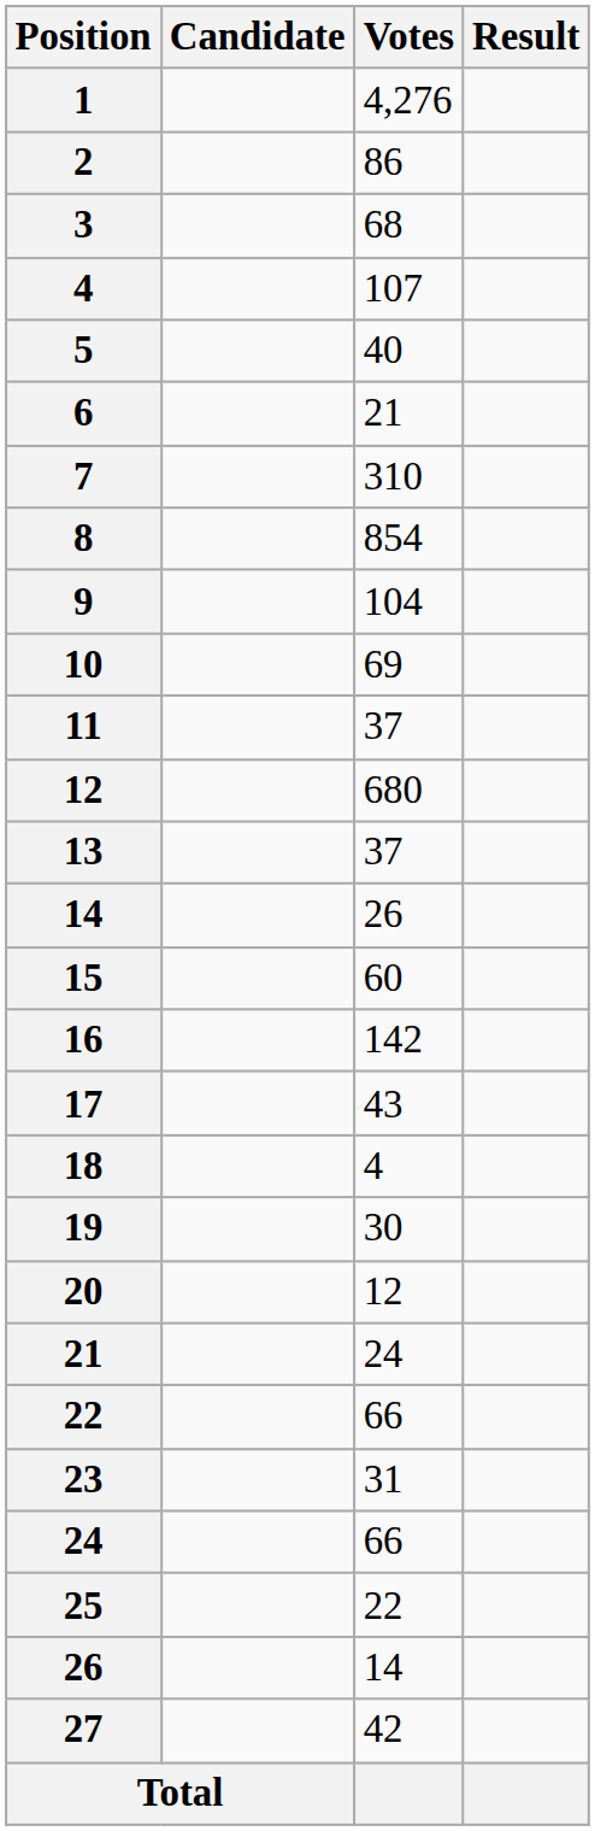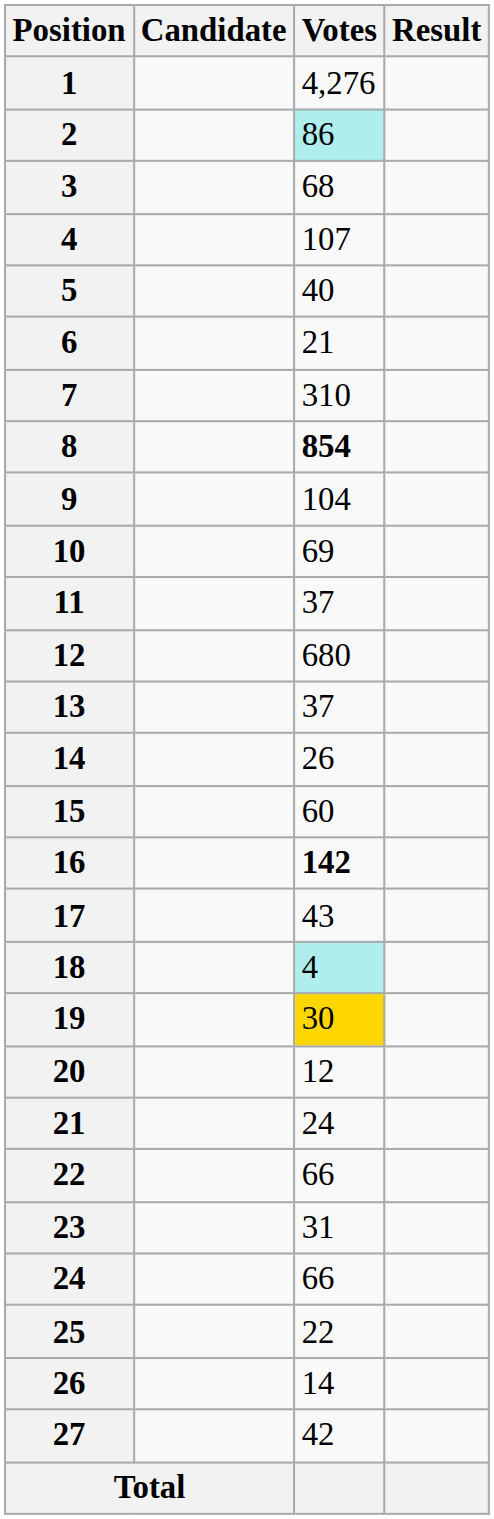 <table class="wikitable sortable col3right">
 <tr>
 <th scope="col">Position</th>
 <th scope="col">Candidate</th>
 <th scope="col">Votes</th>
 <th scope="col">Result</th>
 </tr>
 <tr>
 <th scope="row">1</th>
 <td></td>
 <td>4,276</td>
 <td></td>
 </tr>
 <tr>
 <th scope="row">2</th>
 <td></td>
-<td>86</td>
+<td style="background: paleturquoise;">86</td>
 <td></td>
 </tr>
 <tr>
 <th scope="row">3</th>
 <td></td>
 <td>68</td>
 <td></td>
 </tr>
 <tr>
 <th scope="row">4</th>
 <td></td>
 <td>107</td>
 <td></td>
 </tr>
 <tr>
 <th scope="row">5</th>
 <td></td>
 <td>40</td>
 <td></td>
 </tr>
 <tr>
 <th scope="row">6</th>
 <td></td>
 <td>21</td>
 <td></td>
 </tr>
 <tr>
 <th scope="row">7</th>
 <td></td>
 <td>310</td>
 <td></td>
 </tr>
 <tr>
 <th scope="row">8</th>
 <td></td>
-<td>854</td>
+<td><strong>854</strong></td>
 <td></td>
 </tr>
 <tr>
 <th scope="row">9</th>
 <td></td>
 <td>104</td>
 <td></td>
 </tr>
 <tr>
 <th scope="row">10</th>
 <td></td>
 <td>69</td>
 <td></td>
 </tr>
 <tr>
 <th scope="row">11</th>
 <td></td>
 <td>37</td>
 <td></td>
 </tr>
 <tr>
 <th scope="row">12</th>
 <td></td>
 <td>680</td>
 <td></td>
 </tr>
 <tr>
 <th scope="row">13</th>
 <td></td>
 <td>37</td>
 <td></td>
 </tr>
 <tr>
 <th scope="row">14</th>
 <td></td>
 <td>26</td>
 <td></td>
 </tr>
 <tr>
 <th scope="row">15</th>
 <td></td>
 <td>60</td>
 <td></td>
 </tr>
 <tr>
 <th scope="row">16</th>
 <td></td>
-<td>142</td>
+<td><strong>142</strong></td>
 <td></td>
 </tr>
 <tr>
 <th scope="row">17</th>
 <td></td>
 <td>43</td>
 <td></td>
 </tr>
 <tr>
 <th scope="row">18</th>
 <td></td>
-<td>4</td>
+<td style="background: paleturquoise;">4</td>
 <td></td>
 </tr>
 <tr>
 <th scope="row">19</th>
 <td></td>
-<td>30</td>
+<td style="background: gold;">30</td>
 <td></td>
 </tr>
 <tr>
 <th scope="row">20</th>
 <td></td>
 <td>12</td>
 <td></td>
 </tr>
 <tr>
 <th scope="row">21</th>
 <td></td>
 <td>24</td>
 <td></td>
 </tr>
 <tr>
 <th scope="row">22</th>
 <td></td>
 <td>66</td>
 <td></td>
 </tr>
 <tr>
 <th scope="row">23</th>
 <td></td>
 <td>31</td>
 <td></td>
 </tr>
 <tr>
 <th scope="row">24</th>
 <td></td>
 <td>66</td>
 <td></td>
 </tr>
 <tr>
 <th scope="row">25</th>
 <td></td>
 <td>22</td>
 <td></td>
 </tr>
 <tr>
 <th scope="row">26</th>
 <td></td>
 <td>14</td>
 <td></td>
 </tr>
 <tr>
 <th scope="row">27</th>
 <td></td>
 <td>42</td>
 <td></td>
 </tr>
 <tr class="sortbottom">
 <th scope="row" colspan="2">Total</th>
 <th></th>
 <th></th>
 </tr>
 </table>
